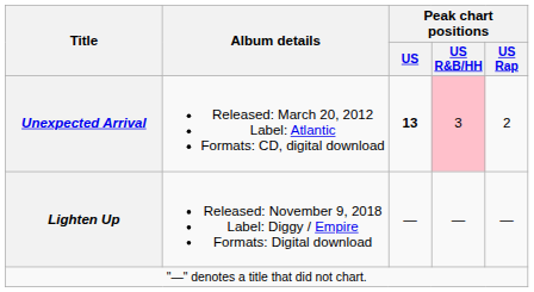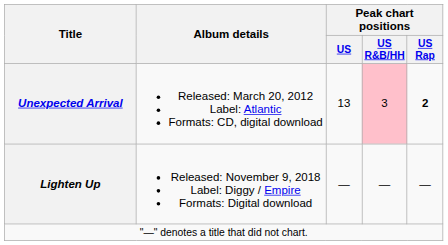 <table class="wikitable plainrowheaders" style="text-align:center;">
 <tr>
 <th scope="col" rowspan="2" style="width:11em;">Title</th>
 <th scope="col" rowspan="2" style="width:16em;">Album details</th>
 <th scope="col" colspan="3">Peak chart positions</th>
 </tr>
 <tr>
 <th scope="col" style="width:3em;font-size:90%;"><a href='#'>US</a></th>
 <th scope="col" style="width:3em;font-size:90%;"><a href='#'>US<br>R&B/HH</a></th>
 <th scope="col" style="width:3em;font-size:90%;"><a href='#'>US<br>Rap</a></th>
 </tr>
 <tr>
 <th scope="row"><em><a href='#'>Unexpected Arrival</a></em></th>
 <td><br><ul><li>Released: March 20, 2012</li><li>Label: <a href='#'>Atlantic</a></li><li>Formats: CD, digital download</li></ul></td>
-<td><strong>13</strong></td>
+<td>13</td>
 <td style="background: pink;">3</td>
-<td>2</td>
+<td><strong>2</strong></td>
 </tr>
 <tr>
 <th scope="row"><em>Lighten Up</em></th>
 <td><br><ul><li>Released: November 9, 2018</li><li>Label: Diggy / <a href='#'>Empire</a></li><li>Formats: Digital download</li></ul></td>
 <td>—</td>
 <td>—</td>
 <td>—</td>
 </tr>
 <tr>
 <td colspan="10" style="font-size:90%">"—" denotes a title that did not chart.</td>
 </tr>
 </table>
